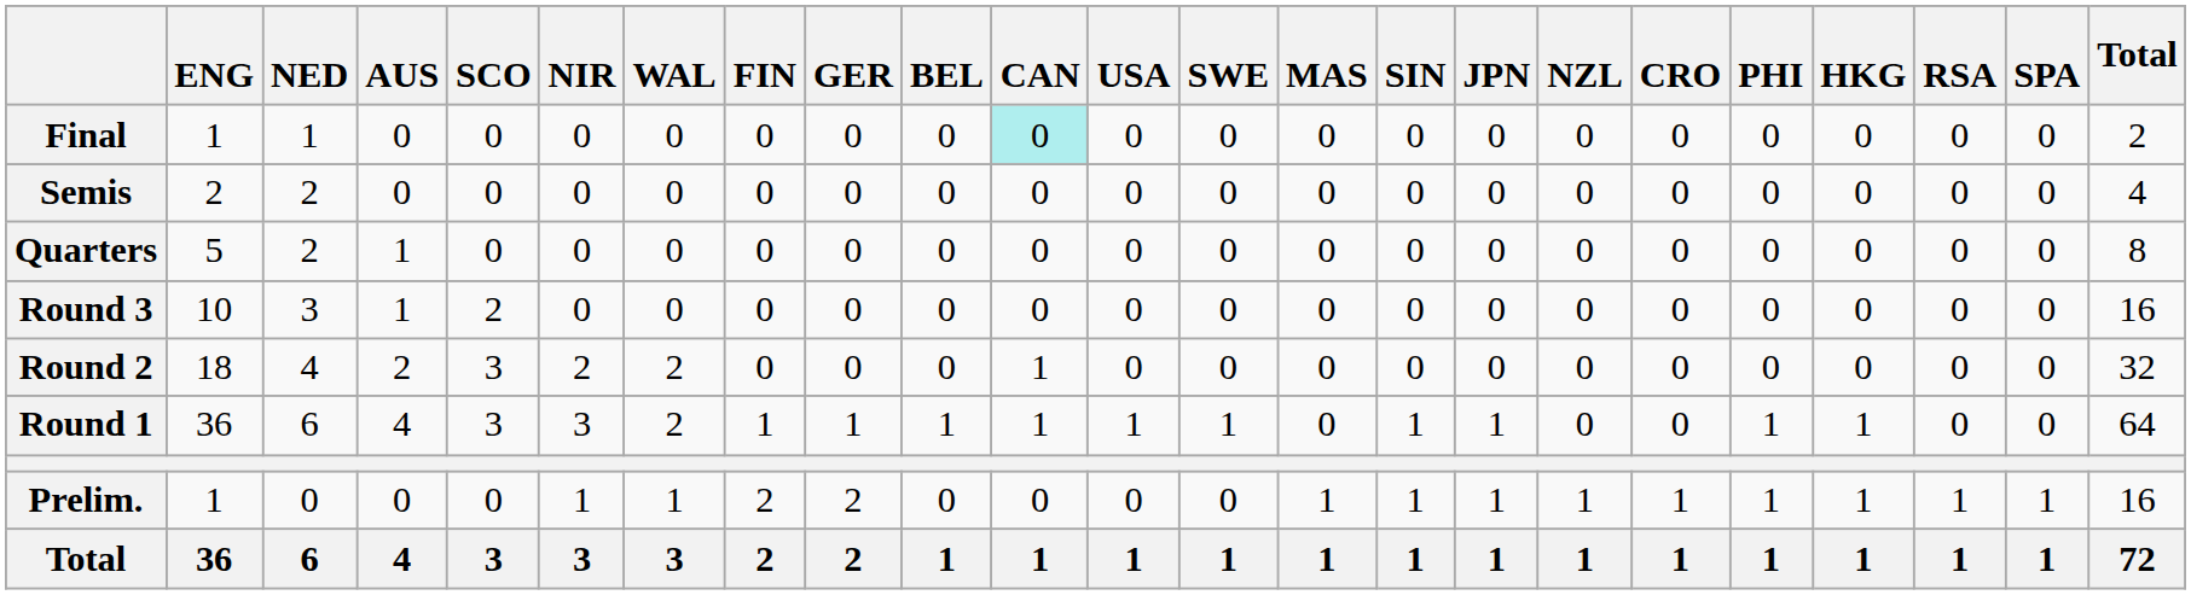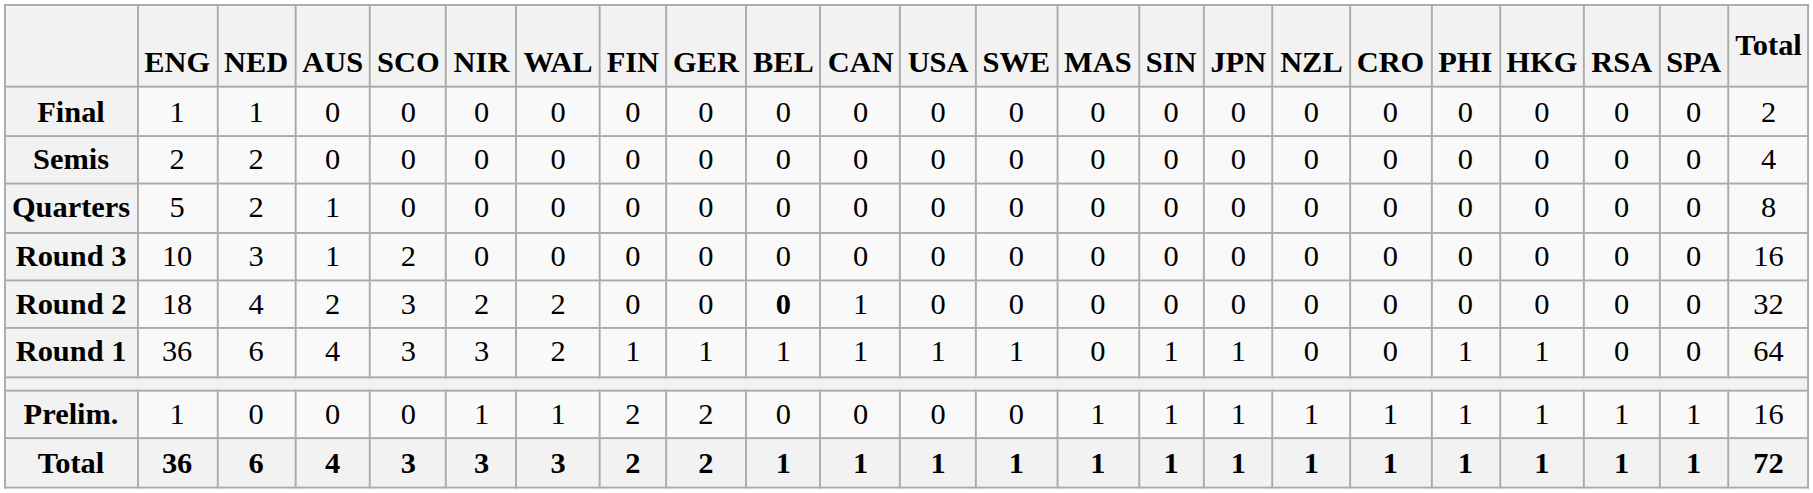 <table class="wikitable">
 <tr>
 <th></th>
 <th> <br>ENG</th>
 <th> <br>NED</th>
 <th> <br>AUS</th>
 <th> <br>SCO</th>
 <th> <br>NIR</th>
 <th> <br>WAL</th>
 <th> <br>FIN</th>
 <th> <br>GER</th>
 <th> <br>BEL</th>
 <th> <br>CAN</th>
 <th> <br>USA</th>
 <th> <br>SWE</th>
 <th> <br>MAS</th>
 <th> <br>SIN</th>
 <th> <br>JPN</th>
 <th> <br>NZL</th>
 <th> <br>CRO</th>
 <th> <br>PHI</th>
 <th> <br>HKG</th>
 <th> <br>RSA</th>
 <th> <br>SPA</th>
 <th>Total</th>
 </tr>
 <tr align="center">
 <th>Final</th>
 <td>1</td>
 <td>1</td>
 <td>0</td>
 <td>0</td>
 <td>0</td>
 <td>0</td>
 <td>0</td>
 <td>0</td>
 <td>0</td>
-<td style="background: paleturquoise;">0</td>
+<td>0</td>
 <td>0</td>
 <td>0</td>
 <td>0</td>
 <td>0</td>
 <td>0</td>
 <td>0</td>
 <td>0</td>
 <td>0</td>
 <td>0</td>
 <td>0</td>
 <td>0</td>
 <td>2</td>
 </tr>
 <tr align="center">
 <th>Semis</th>
 <td>2</td>
 <td>2</td>
 <td>0</td>
 <td>0</td>
 <td>0</td>
 <td>0</td>
 <td>0</td>
 <td>0</td>
 <td>0</td>
 <td>0</td>
 <td>0</td>
 <td>0</td>
 <td>0</td>
 <td>0</td>
 <td>0</td>
 <td>0</td>
 <td>0</td>
 <td>0</td>
 <td>0</td>
 <td>0</td>
 <td>0</td>
 <td>4</td>
 </tr>
 <tr align="center">
 <th>Quarters</th>
 <td>5</td>
 <td>2</td>
 <td>1</td>
 <td>0</td>
 <td>0</td>
 <td>0</td>
 <td>0</td>
 <td>0</td>
 <td>0</td>
 <td>0</td>
 <td>0</td>
 <td>0</td>
 <td>0</td>
 <td>0</td>
 <td>0</td>
 <td>0</td>
 <td>0</td>
 <td>0</td>
 <td>0</td>
 <td>0</td>
 <td>0</td>
 <td>8</td>
 </tr>
 <tr align="center">
 <th>Round 3</th>
 <td>10</td>
 <td>3</td>
 <td>1</td>
 <td>2</td>
 <td>0</td>
 <td>0</td>
 <td>0</td>
 <td>0</td>
 <td>0</td>
 <td>0</td>
 <td>0</td>
 <td>0</td>
 <td>0</td>
 <td>0</td>
 <td>0</td>
 <td>0</td>
 <td>0</td>
 <td>0</td>
 <td>0</td>
 <td>0</td>
 <td>0</td>
 <td>16</td>
 </tr>
 <tr align="center">
 <th>Round 2</th>
 <td>18</td>
 <td>4</td>
 <td>2</td>
 <td>3</td>
 <td>2</td>
 <td>2</td>
 <td>0</td>
 <td>0</td>
-<td>0</td>
+<td><strong>0</strong></td>
 <td>1</td>
 <td>0</td>
 <td>0</td>
 <td>0</td>
 <td>0</td>
 <td>0</td>
 <td>0</td>
 <td>0</td>
 <td>0</td>
 <td>0</td>
 <td>0</td>
 <td>0</td>
 <td>32</td>
 </tr>
 <tr align="center">
 <th>Round 1</th>
 <td>36</td>
 <td>6</td>
 <td>4</td>
 <td>3</td>
 <td>3</td>
 <td>2</td>
 <td>1</td>
 <td>1</td>
 <td>1</td>
 <td>1</td>
 <td>1</td>
 <td>1</td>
 <td>0</td>
 <td>1</td>
 <td>1</td>
 <td>0</td>
 <td>0</td>
 <td>1</td>
 <td>1</td>
 <td>0</td>
 <td>0</td>
 <td>64</td>
 </tr>
 <tr align="center">
 <th colspan=23></th>
 </tr>
 <tr align="center">
 <th>Prelim.</th>
 <td>1</td>
 <td>0</td>
 <td>0</td>
 <td>0</td>
 <td>1</td>
 <td>1</td>
 <td>2</td>
 <td>2</td>
 <td>0</td>
 <td>0</td>
 <td>0</td>
 <td>0</td>
 <td>1</td>
 <td>1</td>
 <td>1</td>
 <td>1</td>
 <td>1</td>
 <td>1</td>
 <td>1</td>
 <td>1</td>
 <td>1</td>
 <td>16</td>
 </tr>
 <tr>
 <th>Total</th>
 <th>36</th>
 <th>6</th>
 <th>4</th>
 <th>3</th>
 <th>3</th>
 <th>3</th>
 <th>2</th>
 <th>2</th>
 <th>1</th>
 <th>1</th>
 <th>1</th>
 <th>1</th>
 <th>1</th>
 <th>1</th>
 <th>1</th>
 <th>1</th>
 <th>1</th>
 <th>1</th>
 <th>1</th>
 <th>1</th>
 <th>1</th>
 <th>72</th>
 </tr>
 </table>
